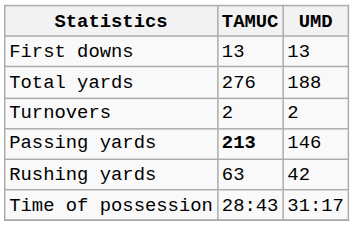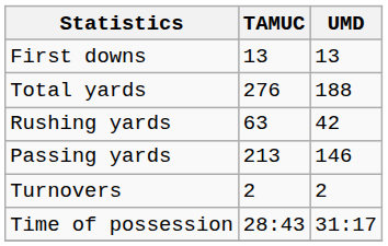 <table class="wikitable" style="float: left;">
 <tr>
 <th>Statistics</th>
 <th>TAMUC</th>
 <th>UMD</th>
 </tr>
 <tr>
 <td>First downs</td>
 <td>13</td>
 <td>13</td>
 </tr>
 <tr>
 <td>Total yards</td>
 <td>276</td>
 <td>188</td>
 </tr>
 <tr>
+<td>Rushing yards</td>
+<td>63</td>
+<td>42</td>
+</tr>
+<tr>
+<td>Passing yards</td>
+<td>213</td>
+<td>146</td>
+</tr>
+<tr>
 <td>Turnovers</td>
 <td>2</td>
 <td>2</td>
-</tr>
-<tr>
-<td>Passing yards</td>
-<td><strong>213</strong></td>
-<td>146</td>
-</tr>
-<tr>
-<td>Rushing yards</td>
-<td>63</td>
-<td>42</td>
 </tr>
 <tr>
 <td>Time of possession</td>
 <td>28:43</td>
 <td>31:17</td>
 </tr>
 <tr>
 </tr>
 </table>
